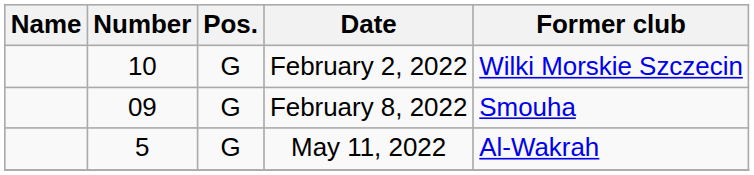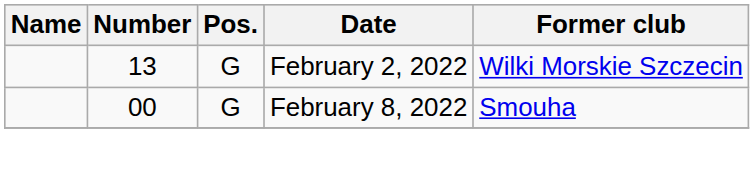 <table class="wikitable sortable sortable" style="text-align: center">
 <tr align=center>
 <th>Name</th>
 <th>Number</th>
 <th>Pos.</th>
 <th>Date</th>
 <th>Former club</th>
 </tr>
 <tr>
 <td></td>
-<td>10</td>
+<td>13</td>
 <td>G</td>
 <td>February 2, 2022</td>
 <td align=left> <a href='#'>Wilki Morskie Szczecin</a></td>
 </tr>
 <tr>
 <td></td>
-<td>09</td>
+<td>00</td>
 <td>G</td>
 <td>February 8, 2022</td>
 <td align=left> <a href='#'>Smouha</a></td>
 </tr>
 <tr>
-<td></td>
-<td>5</td>
-<td>G</td>
-<td>May 11, 2022</td>
-<td align=left> <a href='#'>Al-Wakrah</a></td>
-</tr>
-<tr>
 </tr>
 </table>
